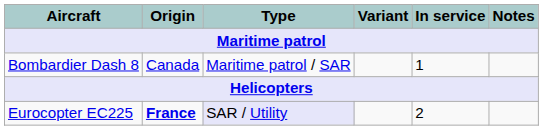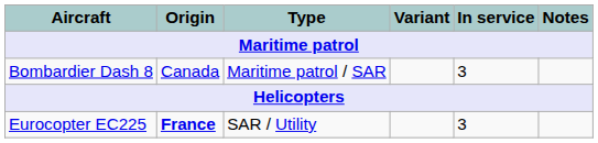 <table class="wikitable">
 <tr>
 <th style="text-align:center; background:#acc;">Aircraft</th>
 <th style="text-align: center; background:#acc;">Origin</th>
 <th style="text-align:l center; background:#acc;">Type</th>
 <th style="text-align:left; background:#acc;">Variant</th>
 <th style="text-align:center; background:#acc;">In service</th>
 <th style="text-align: center; background:#acc;">Notes</th>
 </tr>
 <tr>
 <th style="align: center; background: lavender;" colspan="7"><a href='#'>Maritime patrol</a></th>
 </tr>
 <tr>
 <td><a href='#'>Bombardier Dash 8</a></td>
 <td><a href='#'>Canada</a></td>
 <td><a href='#'>Maritime patrol</a> / <a href='#'>SAR</a></td>
 <td></td>
-<td>1</td>
+<td>3</td>
 <td></td>
 </tr>
 <tr>
 <th style="align: center; background: lavender;" colspan="6"><a href='#'>Helicopters</a></th>
 </tr>
 <tr>
 <td><a href='#'>Eurocopter EC225</a></td>
 <td><strong><a href='#'>France</a></strong></td>
-<td style="background: lavender;">SAR / <a href='#'>Utility</a></td>
+<td>SAR / <a href='#'>Utility</a></td>
 <td></td>
-<td>2</td>
+<td>3</td>
 <td></td>
 </tr>
 </table>
